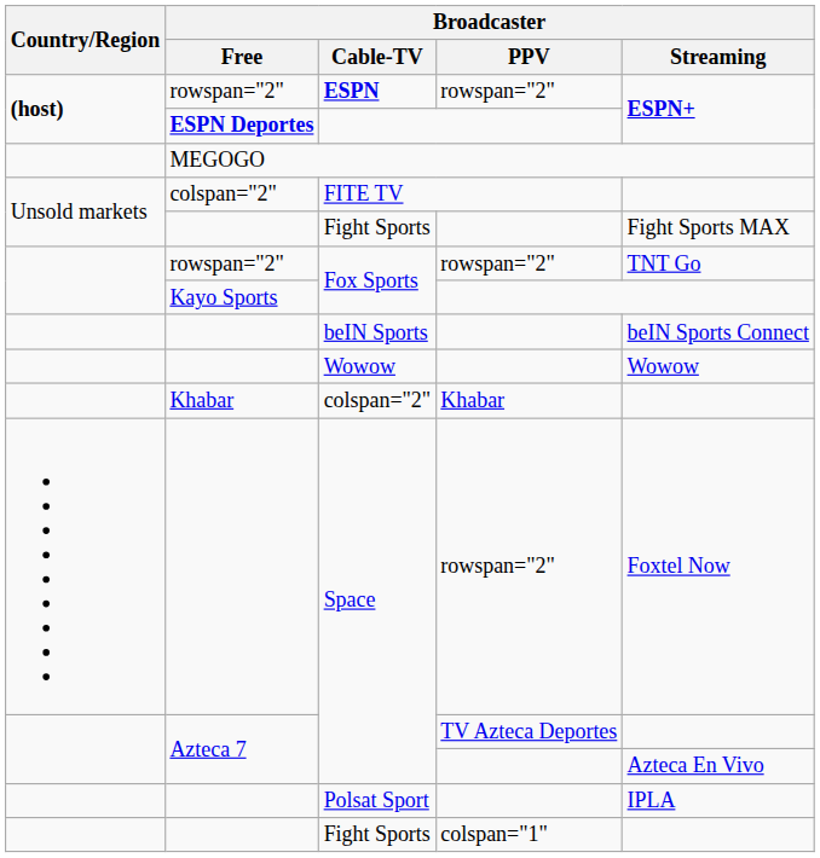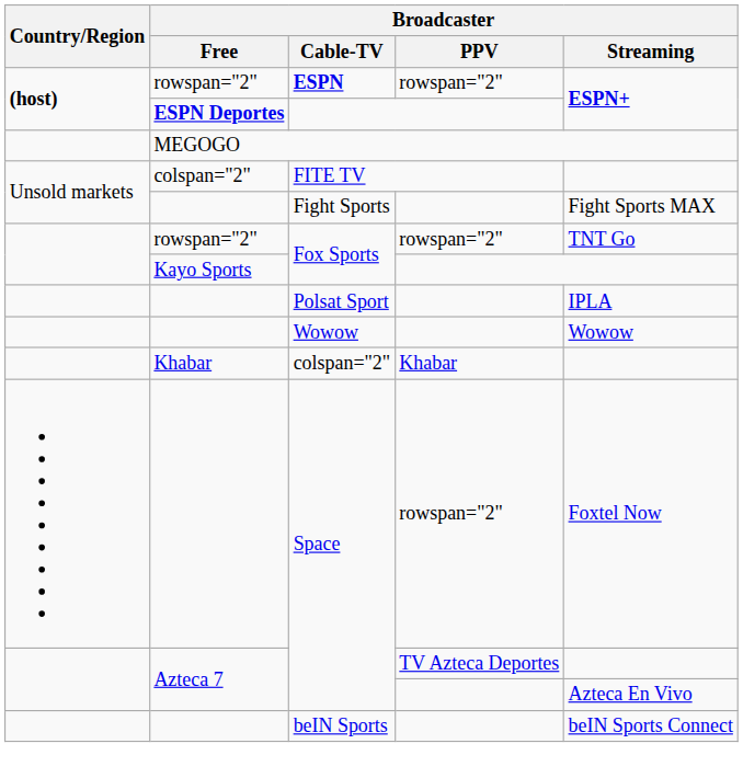 <table class="wikitable">
 <tr>
 <th rowspan="2">Country/Region</th>
 <th colspan="4">Broadcaster</th>
 </tr>
 <tr>
 <th>Free</th>
 <th>Cable-TV</th>
 <th>PPV</th>
 <th>Streaming</th>
 </tr>
 <tr>
 <td rowspan="2"><strong> (host)</strong></td>
 <td>rowspan="2" </td>
 <td><strong><a href='#'>ESPN</a></strong></td>
 <td>rowspan="2" </td>
 <td rowspan="2"><strong><a href='#'>ESPN+</a></strong></td>
 </tr>
 <tr>
 <td><strong><a href='#'>ESPN Deportes</a></strong></td>
 </tr>
 <tr>
 <td></td>
 <td colspan="4">MEGOGO</td>
 </tr>
 <tr>
 <td rowspan="2">Unsold markets</td>
 <td>colspan="2" </td>
 <td colspan="2"><a href='#'>FITE TV</a></td>
 </tr>
 <tr>
 <td></td>
 <td>Fight Sports</td>
 <td></td>
 <td>Fight Sports MAX</td>
 </tr>
 <tr>
 <td rowspan="2"></td>
 <td>rowspan="2" </td>
 <td rowspan="2"><a href='#'>Fox Sports</a></td>
 <td>rowspan="2" </td>
 <td><a href='#'>TNT Go</a></td>
 </tr>
 <tr>
 <td><a href='#'>Kayo Sports</a></td>
 </tr>
 <tr>
 <td></td>
 <td></td>
-<td><a href='#'>beIN Sports</a></td>
+<td><a href='#'>Polsat Sport</a></td>
 <td></td>
-<td><a href='#'>beIN Sports Connect</a></td>
+<td><a href='#'>IPLA</a></td>
 </tr>
 <tr>
 <td></td>
 <td></td>
 <td><a href='#'>Wowow</a></td>
 <td></td>
 <td><a href='#'>Wowow</a></td>
 </tr>
 <tr>
 <td></td>
 <td><a href='#'>Khabar</a></td>
 <td>colspan="2" </td>
 <td><a href='#'>Khabar</a></td>
 </tr>
 <tr>
 <td><br><ul><li></li><li></li><li></li><li></li><li></li><li></li><li></li><li></li><li></li></ul></td>
 <td></td>
 <td rowspan="3"><a href='#'>Space</a></td>
 <td>rowspan="2" </td>
 <td><a href='#'>Foxtel Now</a></td>
 </tr>
 <tr>
 <td rowspan="2"></td>
 <td rowspan="2"><a href='#'>Azteca 7</a></td>
 <td><a href='#'>TV Azteca Deportes</a></td>
 </tr>
 <tr>
 <td></td>
 <td><a href='#'>Azteca En Vivo</a></td>
 </tr>
 <tr>
 <td></td>
 <td></td>
-<td><a href='#'>Polsat Sport</a></td>
+<td><a href='#'>beIN Sports</a></td>
 <td></td>
-<td><a href='#'>IPLA</a></td>
-</tr>
-<tr>
-<td></td>
-<td></td>
-<td>Fight Sports</td>
-<td>colspan="1" </td>
-<td></td>
+<td><a href='#'>beIN Sports Connect</a></td>
 </tr>
 </table>
